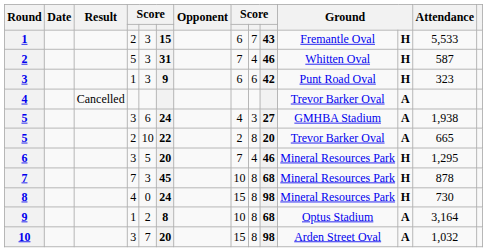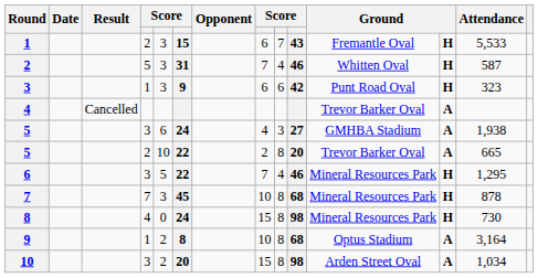 <table class="wikitable plainrowheaders sortable" style="font-size:90%; text-align:center;">
 <tr>
 <th scope="col" rowspan="2">Round</th>
 <th scope="col" rowspan="2">Date</th>
 <th scope="col" rowspan="2">Result</th>
 <th scope="col" colspan="3">Score</th>
 <th scope="col" rowspan="2">Opponent</th>
 <th scope="col" colspan="3">Score</th>
 <th scope="col" rowspan="2" colspan="2">Ground</th>
 <th scope="col" rowspan="2">Attendance</th>
 <th scope="col" rowspan="2"></th>
 </tr>
 <tr>
 <th scope="col"></th>
 <th scope="col"></th>
 <th scope="col"></th>
 <th scope="col"></th>
 <th scope="col"></th>
 <th scope="col"></th>
 </tr>
 <tr>
 <th scope="row" style="text-align:center;"><a href='#'>1</a></th>
 <td></td>
 <td></td>
 <td>2</td>
 <td>3</td>
 <th>15</th>
 <td></td>
 <td>6</td>
 <td>7</td>
 <th>43</th>
 <td><a href='#'>Fremantle Oval</a></td>
 <td><strong>H</strong></td>
 <td>5,533</td>
 <td></td>
 </tr>
 <tr>
 <th scope="row" style="text-align:center;"><a href='#'>2</a></th>
 <td></td>
 <td></td>
 <td>5</td>
 <td>3</td>
 <th>31</th>
 <td></td>
 <td>7</td>
 <td>4</td>
 <th>46</th>
 <td><a href='#'>Whitten Oval</a></td>
 <td><strong>H</strong></td>
 <td>587</td>
 <td></td>
 </tr>
 <tr>
 <th scope="row" style="text-align:center;"><a href='#'>3</a></th>
 <td></td>
 <td></td>
 <td>1</td>
 <td>3</td>
 <th>9</th>
 <td></td>
 <td>6</td>
 <td>6</td>
 <th>42</th>
 <td><a href='#'>Punt Road Oval</a></td>
 <td><strong>H</strong></td>
 <td>323</td>
 <td></td>
 </tr>
 <tr>
 <th scope="row" style="text-align:center;"><a href='#'>4</a></th>
 <td></td>
 <td>Cancelled</td>
 <td></td>
 <td></td>
 <th></th>
 <td></td>
 <td></td>
 <td></td>
 <th></th>
 <td><a href='#'>Trevor Barker Oval</a></td>
 <td><strong>A</strong></td>
 <td></td>
 <td></td>
 </tr>
 <tr>
 <th scope="row" style="text-align:center;"><a href='#'>5</a></th>
 <td></td>
 <td></td>
 <td>3</td>
 <td>6</td>
 <th>24</th>
 <td></td>
 <td>4</td>
 <td>3</td>
 <th>27</th>
 <td><a href='#'>GMHBA Stadium</a></td>
 <td><strong>A</strong></td>
 <td>1,938</td>
 <td></td>
 </tr>
 <tr>
 <th scope="row" style="text-align:center;"><a href='#'>5</a></th>
 <td></td>
 <td></td>
 <td>2</td>
 <td>10</td>
 <th>22</th>
 <td></td>
 <td>2</td>
 <td>8</td>
 <th>20</th>
 <td><a href='#'>Trevor Barker Oval</a></td>
 <td><strong>A</strong></td>
 <td>665</td>
 <td></td>
 </tr>
 <tr>
 <th scope="row" style="text-align:center;"><a href='#'>6</a></th>
 <td></td>
 <td></td>
 <td>3</td>
 <td>5</td>
-<th>20</th>
+<th>22</th>
 <td></td>
 <td>7</td>
 <td>4</td>
 <th>46</th>
 <td><a href='#'>Mineral Resources Park</a></td>
 <td><strong>H</strong></td>
 <td>1,295</td>
 <td></td>
 </tr>
 <tr>
 <th scope="row" style="text-align:center;"><a href='#'>7</a></th>
 <td></td>
 <td></td>
 <td>7</td>
 <td>3</td>
 <th>45</th>
 <td></td>
 <td>10</td>
 <td>8</td>
 <th>68</th>
 <td><a href='#'>Mineral Resources Park</a></td>
 <td><strong>H</strong></td>
 <td>878</td>
 <td></td>
 </tr>
 <tr>
 <th scope="row" style="text-align:center;"><a href='#'>8</a></th>
 <td></td>
 <td></td>
 <td>4</td>
 <td>0</td>
 <th>24</th>
 <td></td>
 <td>15</td>
 <td>8</td>
 <th>98</th>
 <td><a href='#'>Mineral Resources Park</a></td>
 <td><strong>H</strong></td>
 <td>730</td>
 <td></td>
 </tr>
 <tr>
 <th scope="row" style="text-align:center;"><a href='#'>9</a></th>
 <td></td>
 <td></td>
 <td>1</td>
 <td>2</td>
 <th>8</th>
 <td></td>
 <td>10</td>
 <td>8</td>
 <th>68</th>
 <td><a href='#'>Optus Stadium</a></td>
 <td><strong>A</strong></td>
 <td>3,164</td>
 <td></td>
 </tr>
 <tr>
 <th scope="row" style="text-align:center;"><a href='#'>10</a></th>
 <td></td>
 <td></td>
 <td>3</td>
-<td>7</td>
+<td>2</td>
 <th>20</th>
 <td></td>
 <td>15</td>
 <td>8</td>
 <th>98</th>
 <td><a href='#'>Arden Street Oval</a></td>
 <td><strong>A</strong></td>
-<td>1,032</td>
+<td>1,034</td>
 <td></td>
 </tr>
 </table>
